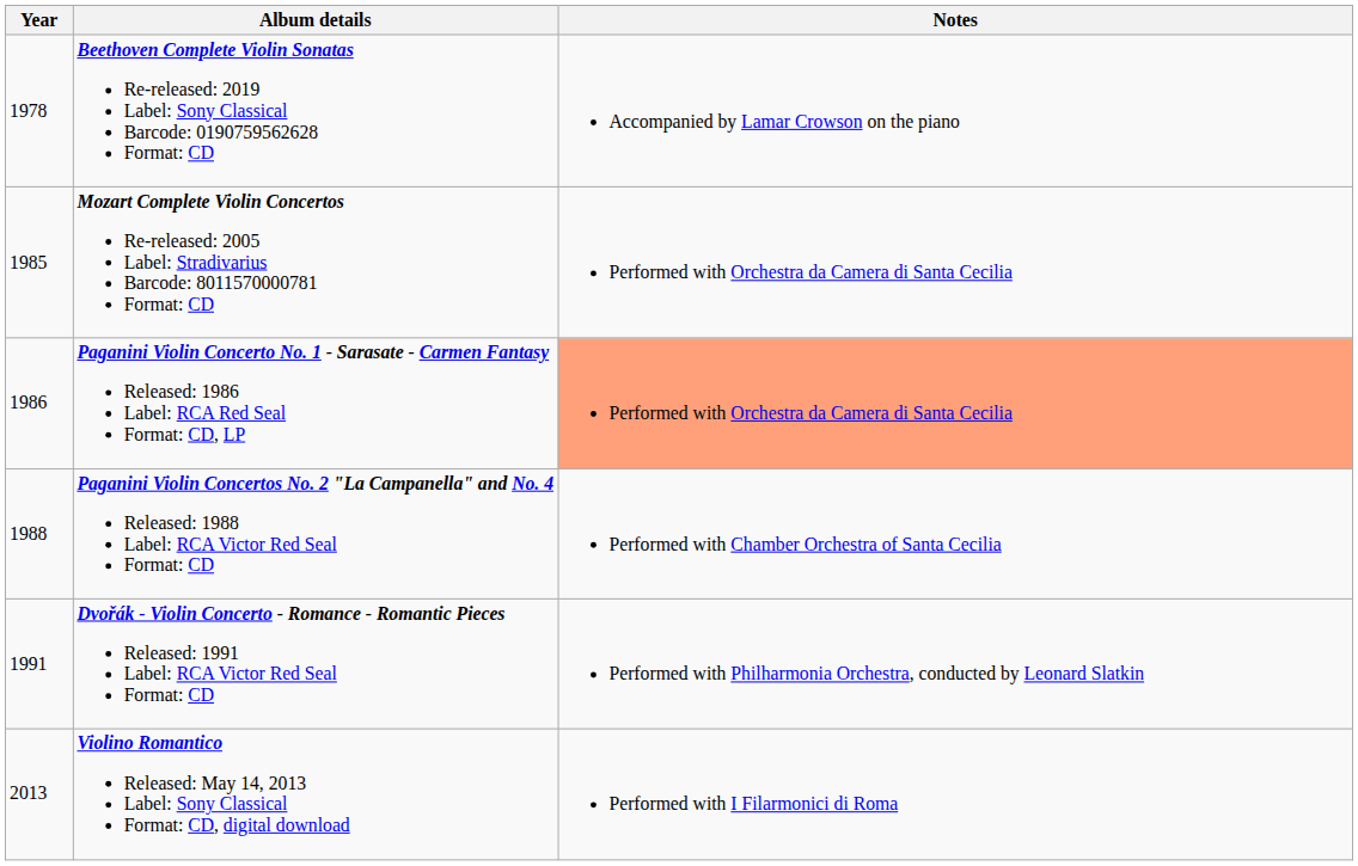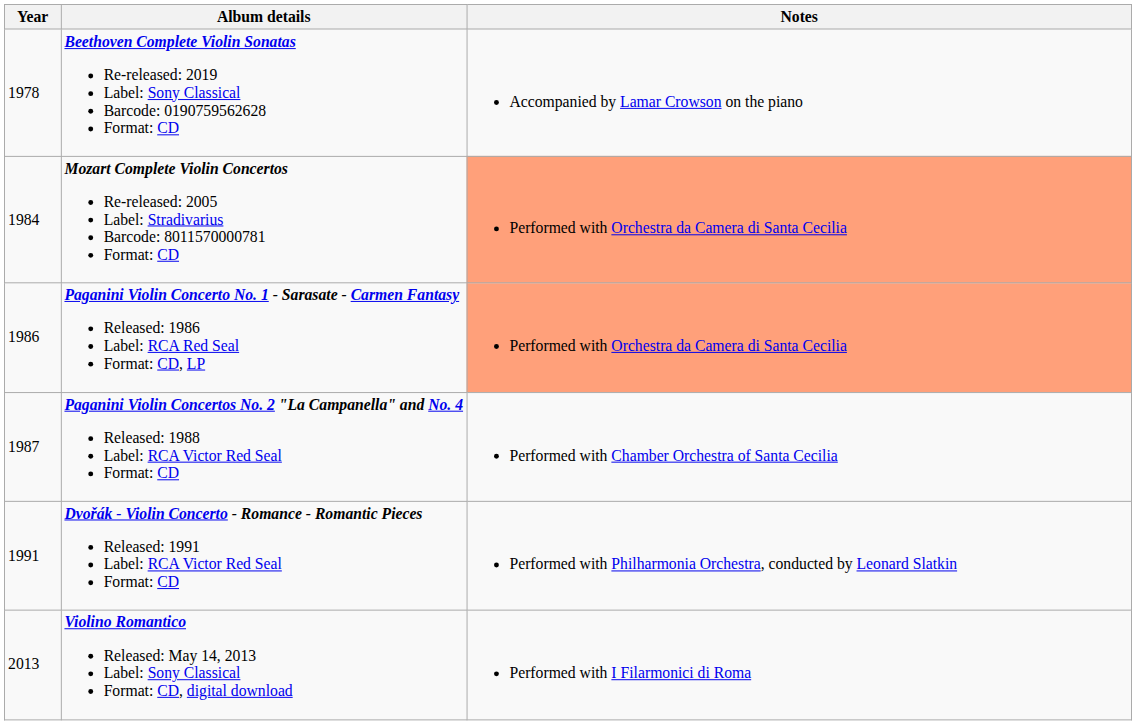 <table class="wikitable sortable" border="1">
 <tr>
 <th width="5%">Year</th>
 <th width="36%">Album details</th>
 <th width="59%" class="unsortable">Notes</th>
 </tr>
 <tr>
 <td>1978</td>
 <td><strong><em><a href='#'>Beethoven Complete Violin Sonatas</a></em></strong><br><ul><li>Re-released: 2019</li><li>Label: <a href='#'>Sony Classical</a></li><li>Barcode: 0190759562628</li><li>Format: <a href='#'>CD</a></li></ul></td>
 <td><br><ul><li>Accompanied by <a href='#'>Lamar Crowson</a> on the piano</li></ul></td>
 </tr>
 <tr>
-<td>1985</td>
+<td>1984</td>
 <td><strong><em>Mozart Complete Violin Concertos</em></strong><br><ul><li>Re-released: 2005</li><li>Label: <a href='#'>Stradivarius</a></li><li>Barcode: 8011570000781</li><li>Format: <a href='#'>CD</a></li></ul></td>
-<td><br><ul><li>Performed with <a href='#'>Orchestra da Camera di Santa Cecilia</a></li></ul></td>
+<td style="background: lightsalmon;"><br><ul><li>Performed with <a href='#'>Orchestra da Camera di Santa Cecilia</a></li></ul></td>
 </tr>
 <tr>
 <td>1986</td>
 <td><strong><em><a href='#'>Paganini Violin Concerto No. 1</a> - Sarasate - <a href='#'>Carmen Fantasy</a></em></strong><br><ul><li>Released: 1986</li><li>Label: <a href='#'>RCA Red Seal</a></li><li>Format: <a href='#'>CD</a>, <a href='#'>LP</a></li></ul></td>
 <td style="background: lightsalmon;"><br><ul><li>Performed with <a href='#'>Orchestra da Camera di Santa Cecilia</a></li></ul></td>
 </tr>
 <tr>
-<td>1988</td>
+<td>1987</td>
 <td><strong><em><a href='#'>Paganini Violin Concertos No. 2</a> "La Campanella" and <a href='#'> No. 4</a></em></strong><br><ul><li>Released: 1988</li><li>Label: <a href='#'>RCA Victor Red Seal</a></li><li>Format: <a href='#'>CD</a></li></ul></td>
 <td><br><ul><li>Performed with <a href='#'>Chamber Orchestra of Santa Cecilia</a></li></ul></td>
 </tr>
 <tr>
 <td>1991</td>
 <td><strong><em><a href='#'> Dvořák - Violin Concerto</a> - Romance - Romantic Pieces</em></strong><br><ul><li>Released: 1991</li><li>Label: <a href='#'>RCA Victor Red Seal</a></li><li>Format: <a href='#'>CD</a></li></ul></td>
 <td><br><ul><li>Performed with <a href='#'>Philharmonia Orchestra</a>, conducted by <a href='#'>Leonard Slatkin</a></li></ul></td>
 </tr>
 <tr>
 <td>2013</td>
 <td><strong><em><a href='#'>Violino Romantico</a></em></strong><br><ul><li>Released: May 14, 2013</li><li>Label: <a href='#'>Sony Classical</a></li><li>Format: <a href='#'>CD</a>, <a href='#'>digital download</a></li></ul></td>
 <td><br><ul><li>Performed with <a href='#'>I Filarmonici di Roma</a></li></ul></td>
 </tr>
 </table>
